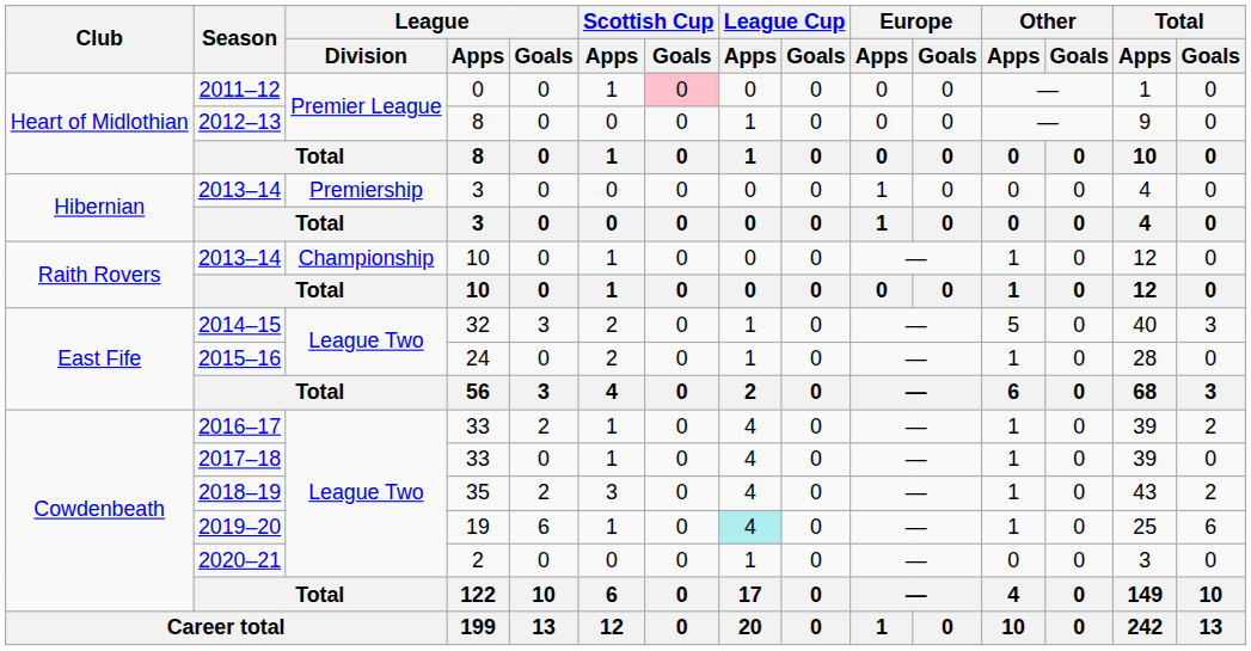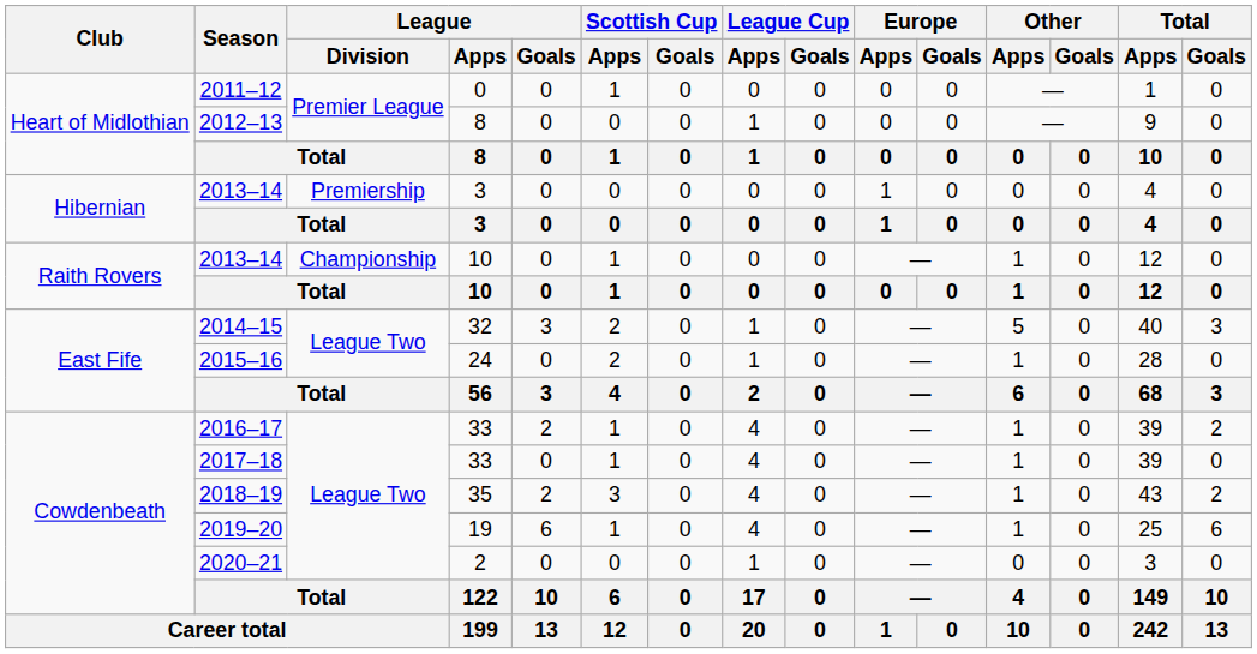 <table class="wikitable" style="text-align: center">
 <tr>
 <th rowspan="2">Club</th>
 <th rowspan="2">Season</th>
 <th colspan="3">League</th>
 <th colspan="2"><a href='#'>Scottish Cup</a></th>
 <th colspan="2"><a href='#'>League Cup</a></th>
 <th colspan="2">Europe</th>
 <th colspan="2">Other</th>
 <th colspan="2">Total</th>
 </tr>
 <tr>
 <th>Division</th>
 <th>Apps</th>
 <th>Goals</th>
 <th>Apps</th>
 <th>Goals</th>
 <th>Apps</th>
 <th>Goals</th>
 <th>Apps</th>
 <th>Goals</th>
 <th>Apps</th>
 <th>Goals</th>
 <th>Apps</th>
 <th>Goals</th>
 </tr>
 <tr>
 <td rowspan="3"><a href='#'>Heart of Midlothian</a></td>
 <td><a href='#'>2011–12</a></td>
 <td rowspan="2"><a href='#'>Premier League</a></td>
 <td>0</td>
 <td>0</td>
 <td>1</td>
-<td style="background: pink;">0</td>
+<td>0</td>
 <td>0</td>
 <td>0</td>
 <td>0</td>
 <td>0</td>
 <td colspan="2">—</td>
 <td>1</td>
 <td>0</td>
 </tr>
 <tr>
 <td><a href='#'>2012–13</a></td>
 <td>8</td>
 <td>0</td>
 <td>0</td>
 <td>0</td>
 <td>1</td>
 <td>0</td>
 <td>0</td>
 <td>0</td>
 <td colspan="2">—</td>
 <td>9</td>
 <td>0</td>
 </tr>
 <tr>
 <th colspan="2">Total</th>
 <th>8</th>
 <th>0</th>
 <th>1</th>
 <th>0</th>
 <th>1</th>
 <th>0</th>
 <th>0</th>
 <th>0</th>
 <th>0</th>
 <th>0</th>
 <th>10</th>
 <th>0</th>
 </tr>
 <tr>
 <td rowspan="2"><a href='#'>Hibernian</a></td>
 <td><a href='#'>2013–14</a></td>
 <td><a href='#'>Premiership</a></td>
 <td>3</td>
 <td>0</td>
 <td>0</td>
 <td>0</td>
 <td>0</td>
 <td>0</td>
 <td>1</td>
 <td>0</td>
 <td>0</td>
 <td>0</td>
 <td>4</td>
 <td>0</td>
 </tr>
 <tr>
 <th colspan="2">Total</th>
 <th>3</th>
 <th>0</th>
 <th>0</th>
 <th>0</th>
 <th>0</th>
 <th>0</th>
 <th>1</th>
 <th>0</th>
 <th>0</th>
 <th>0</th>
 <th>4</th>
 <th>0</th>
 </tr>
 <tr>
 <td rowspan="2"><a href='#'>Raith Rovers</a></td>
 <td><a href='#'>2013–14</a></td>
 <td><a href='#'>Championship</a></td>
 <td>10</td>
 <td>0</td>
 <td>1</td>
 <td>0</td>
 <td>0</td>
 <td>0</td>
 <td colspan="2">—</td>
 <td>1</td>
 <td>0</td>
 <td>12</td>
 <td>0</td>
 </tr>
 <tr>
 <th colspan="2">Total</th>
 <th>10</th>
 <th>0</th>
 <th>1</th>
 <th>0</th>
 <th>0</th>
 <th>0</th>
 <th>0</th>
 <th>0</th>
 <th>1</th>
 <th>0</th>
 <th>12</th>
 <th>0</th>
 </tr>
 <tr>
 <td rowspan="3"><a href='#'>East Fife</a></td>
 <td><a href='#'>2014–15</a></td>
 <td rowspan="2"><a href='#'>League Two</a></td>
 <td>32</td>
 <td>3</td>
 <td>2</td>
 <td>0</td>
 <td>1</td>
 <td>0</td>
 <td colspan="2">—</td>
 <td>5</td>
 <td>0</td>
 <td>40</td>
 <td>3</td>
 </tr>
 <tr>
 <td><a href='#'>2015–16</a></td>
 <td>24</td>
 <td>0</td>
 <td>2</td>
 <td>0</td>
 <td>1</td>
 <td>0</td>
 <td colspan="2">—</td>
 <td>1</td>
 <td>0</td>
 <td>28</td>
 <td>0</td>
 </tr>
 <tr>
 <th colspan="2">Total</th>
 <th>56</th>
 <th>3</th>
 <th>4</th>
 <th>0</th>
 <th>2</th>
 <th>0</th>
 <th colspan="2">—</th>
 <th>6</th>
 <th>0</th>
 <th>68</th>
 <th>3</th>
 </tr>
 <tr>
 <td rowspan="6"><a href='#'>Cowdenbeath</a></td>
 <td><a href='#'>2016–17</a></td>
 <td rowspan="5"><a href='#'>League Two</a></td>
 <td>33</td>
 <td>2</td>
 <td>1</td>
 <td>0</td>
 <td>4</td>
 <td>0</td>
 <td colspan="2">—</td>
 <td>1</td>
 <td>0</td>
 <td>39</td>
 <td>2</td>
 </tr>
 <tr>
 <td><a href='#'>2017–18</a></td>
 <td>33</td>
 <td>0</td>
 <td>1</td>
 <td>0</td>
 <td>4</td>
 <td>0</td>
 <td colspan="2">—</td>
 <td>1</td>
 <td>0</td>
 <td>39</td>
 <td>0</td>
 </tr>
 <tr>
 <td><a href='#'>2018–19</a></td>
 <td>35</td>
 <td>2</td>
 <td>3</td>
 <td>0</td>
 <td>4</td>
 <td>0</td>
 <td colspan="2">—</td>
 <td>1</td>
 <td>0</td>
 <td>43</td>
 <td>2</td>
 </tr>
 <tr>
 <td><a href='#'>2019–20</a></td>
 <td>19</td>
 <td>6</td>
 <td>1</td>
 <td>0</td>
-<td style="background: paleturquoise;">4</td>
+<td>4</td>
 <td>0</td>
 <td colspan="2">—</td>
 <td>1</td>
 <td>0</td>
 <td>25</td>
 <td>6</td>
 </tr>
 <tr>
 <td><a href='#'>2020–21</a></td>
 <td>2</td>
 <td>0</td>
 <td>0</td>
 <td>0</td>
 <td>1</td>
 <td>0</td>
 <td colspan="2">—</td>
 <td>0</td>
 <td>0</td>
 <td>3</td>
 <td>0</td>
 </tr>
 <tr>
 <th colspan="2">Total</th>
 <th>122</th>
 <th>10</th>
 <th>6</th>
 <th>0</th>
 <th>17</th>
 <th>0</th>
 <th colspan="2">—</th>
 <th>4</th>
 <th>0</th>
 <th>149</th>
 <th>10</th>
 </tr>
 <tr>
 <th colspan="3">Career total</th>
 <th>199</th>
 <th>13</th>
 <th>12</th>
 <th>0</th>
 <th>20</th>
 <th>0</th>
 <th>1</th>
 <th>0</th>
 <th>10</th>
 <th>0</th>
 <th>242</th>
 <th>13</th>
 </tr>
 </table>
